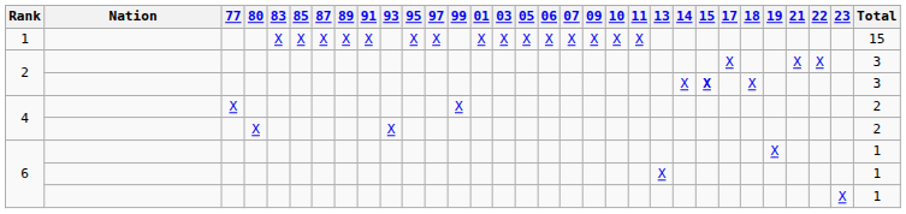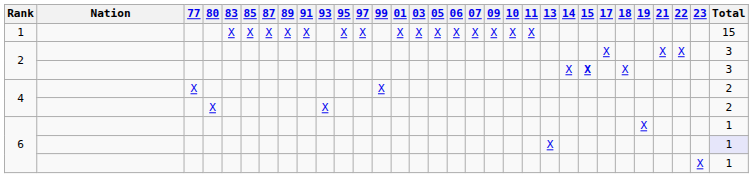 <table class=wikitable style="font-size:90%; text-align:center">
 <tr>
 <th>Rank</th>
 <th width=150>Nation</th>
 <th><a href='#'>77</a></th>
 <th><a href='#'>80</a></th>
 <th><a href='#'>83</a></th>
 <th><a href='#'>85</a></th>
 <th><a href='#'>87</a></th>
 <th><a href='#'>89</a></th>
 <th><a href='#'>91</a></th>
 <th><a href='#'>93</a></th>
 <th><a href='#'>95</a></th>
 <th><a href='#'>97</a></th>
 <th><a href='#'>99</a></th>
 <th><a href='#'>01</a></th>
 <th><a href='#'>03</a></th>
 <th><a href='#'>05</a></th>
 <th><a href='#'>06</a></th>
 <th><a href='#'>07</a></th>
 <th><a href='#'>09</a></th>
 <th><a href='#'>10</a></th>
 <th><a href='#'>11</a></th>
 <th><a href='#'>13</a></th>
 <th><a href='#'>14</a></th>
 <th><a href='#'>15</a></th>
 <th><a href='#'>17</a></th>
 <th><a href='#'>18</a></th>
 <th><a href='#'>19</a></th>
 <th><a href='#'>21</a></th>
 <th><a href='#'>22</a></th>
 <th><a href='#'>23</a></th>
 <th>Total</th>
 </tr>
 <tr>
 <td>1</td>
 <td align=left></td>
 <td></td>
 <td></td>
 <td><a href='#'>X</a></td>
 <td><a href='#'>X</a></td>
 <td><a href='#'>X</a></td>
 <td><a href='#'>X</a></td>
 <td><a href='#'>X</a></td>
 <td></td>
 <td><a href='#'>X</a></td>
 <td><a href='#'>X</a></td>
 <td></td>
 <td><a href='#'>X</a></td>
 <td><a href='#'>X</a></td>
 <td><a href='#'>X</a></td>
 <td><a href='#'>X</a></td>
 <td><a href='#'>X</a></td>
 <td><a href='#'>X</a></td>
 <td><a href='#'>X</a></td>
 <td><a href='#'>X</a></td>
 <td></td>
 <td></td>
 <td></td>
 <td></td>
 <td></td>
 <td></td>
 <td></td>
 <td></td>
 <td></td>
 <td>15</td>
 </tr>
 <tr>
 <td rowspan=2>2</td>
 <td align=left></td>
 <td></td>
 <td></td>
 <td></td>
 <td></td>
 <td></td>
 <td></td>
 <td></td>
 <td></td>
 <td></td>
 <td></td>
 <td></td>
 <td></td>
 <td></td>
 <td></td>
 <td></td>
 <td></td>
 <td></td>
 <td></td>
 <td></td>
 <td></td>
 <td></td>
 <td></td>
 <td><a href='#'>X</a></td>
 <td></td>
 <td></td>
 <td><a href='#'>X</a></td>
 <td><a href='#'>X</a></td>
 <td></td>
 <td>3</td>
 </tr>
 <tr>
 <td align=left></td>
 <td></td>
 <td></td>
 <td></td>
 <td></td>
 <td></td>
 <td></td>
 <td></td>
 <td></td>
 <td></td>
 <td></td>
 <td></td>
 <td></td>
 <td></td>
 <td></td>
 <td></td>
 <td></td>
 <td></td>
 <td></td>
 <td></td>
 <td></td>
 <td><a href='#'>X</a></td>
 <td><strong><a href='#'>X</a></strong></td>
 <td></td>
 <td><a href='#'>X</a></td>
 <td></td>
 <td></td>
 <td></td>
 <td></td>
 <td>3</td>
 </tr>
 <tr>
 <td rowspan=2>4</td>
 <td align=left></td>
 <td><a href='#'>X</a></td>
 <td></td>
 <td></td>
 <td></td>
 <td></td>
 <td></td>
 <td></td>
 <td></td>
 <td></td>
 <td></td>
 <td><a href='#'>X</a></td>
 <td></td>
 <td></td>
 <td></td>
 <td></td>
 <td></td>
 <td></td>
 <td></td>
 <td></td>
 <td></td>
 <td></td>
 <td></td>
 <td></td>
 <td></td>
 <td></td>
 <td></td>
 <td></td>
 <td></td>
 <td>2</td>
 </tr>
 <tr>
 <td align=left></td>
 <td></td>
 <td><a href='#'>X</a></td>
 <td></td>
 <td></td>
 <td></td>
 <td></td>
 <td></td>
 <td><a href='#'>X</a></td>
 <td></td>
 <td></td>
 <td></td>
 <td></td>
 <td></td>
 <td></td>
 <td></td>
 <td></td>
 <td></td>
 <td></td>
 <td></td>
 <td></td>
 <td></td>
 <td></td>
 <td></td>
 <td></td>
 <td></td>
 <td></td>
 <td></td>
 <td></td>
 <td>2</td>
 </tr>
 <tr>
 <td rowspan=3>6</td>
 <td align=left></td>
 <td></td>
 <td></td>
 <td></td>
 <td></td>
 <td></td>
 <td></td>
 <td></td>
 <td></td>
 <td></td>
 <td></td>
 <td></td>
 <td></td>
 <td></td>
 <td></td>
 <td></td>
 <td></td>
 <td></td>
 <td></td>
 <td></td>
 <td></td>
 <td></td>
 <td></td>
 <td></td>
 <td></td>
 <td><a href='#'>X</a></td>
 <td></td>
 <td></td>
 <td></td>
 <td>1</td>
 </tr>
 <tr>
 <td align=left></td>
 <td></td>
 <td></td>
 <td></td>
 <td></td>
 <td></td>
 <td></td>
 <td></td>
 <td></td>
 <td></td>
 <td></td>
 <td></td>
 <td></td>
 <td></td>
 <td></td>
 <td></td>
 <td></td>
 <td></td>
 <td></td>
 <td></td>
 <td><a href='#'>X</a></td>
 <td></td>
 <td></td>
 <td></td>
 <td></td>
 <td></td>
 <td></td>
 <td></td>
 <td></td>
-<td>1</td>
+<td style="background: lavender;">1</td>
 </tr>
 <tr>
 <td align=left></td>
 <td></td>
 <td></td>
 <td></td>
 <td></td>
 <td></td>
 <td></td>
 <td></td>
 <td></td>
 <td></td>
 <td></td>
 <td></td>
 <td></td>
 <td></td>
 <td></td>
 <td></td>
 <td></td>
 <td></td>
 <td></td>
 <td></td>
 <td></td>
 <td></td>
 <td></td>
 <td></td>
 <td></td>
 <td></td>
 <td></td>
 <td></td>
 <td><a href='#'>X</a></td>
 <td>1</td>
 </tr>
 </table>
